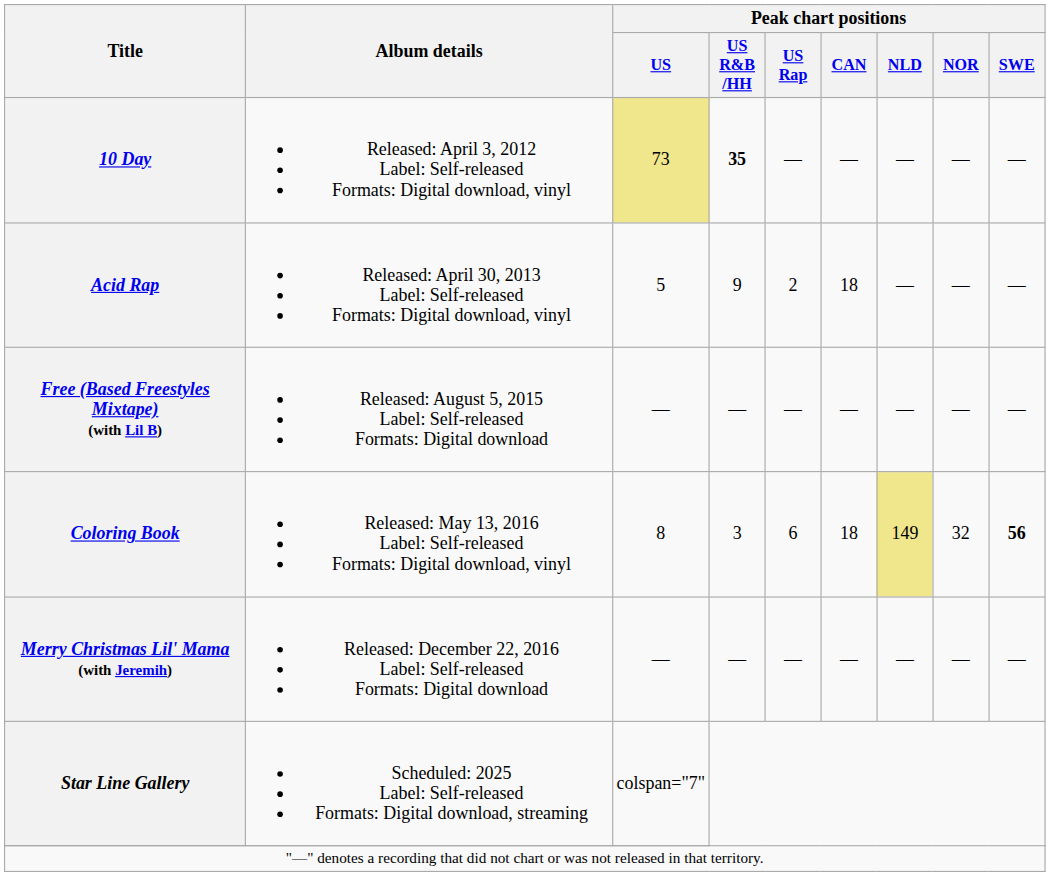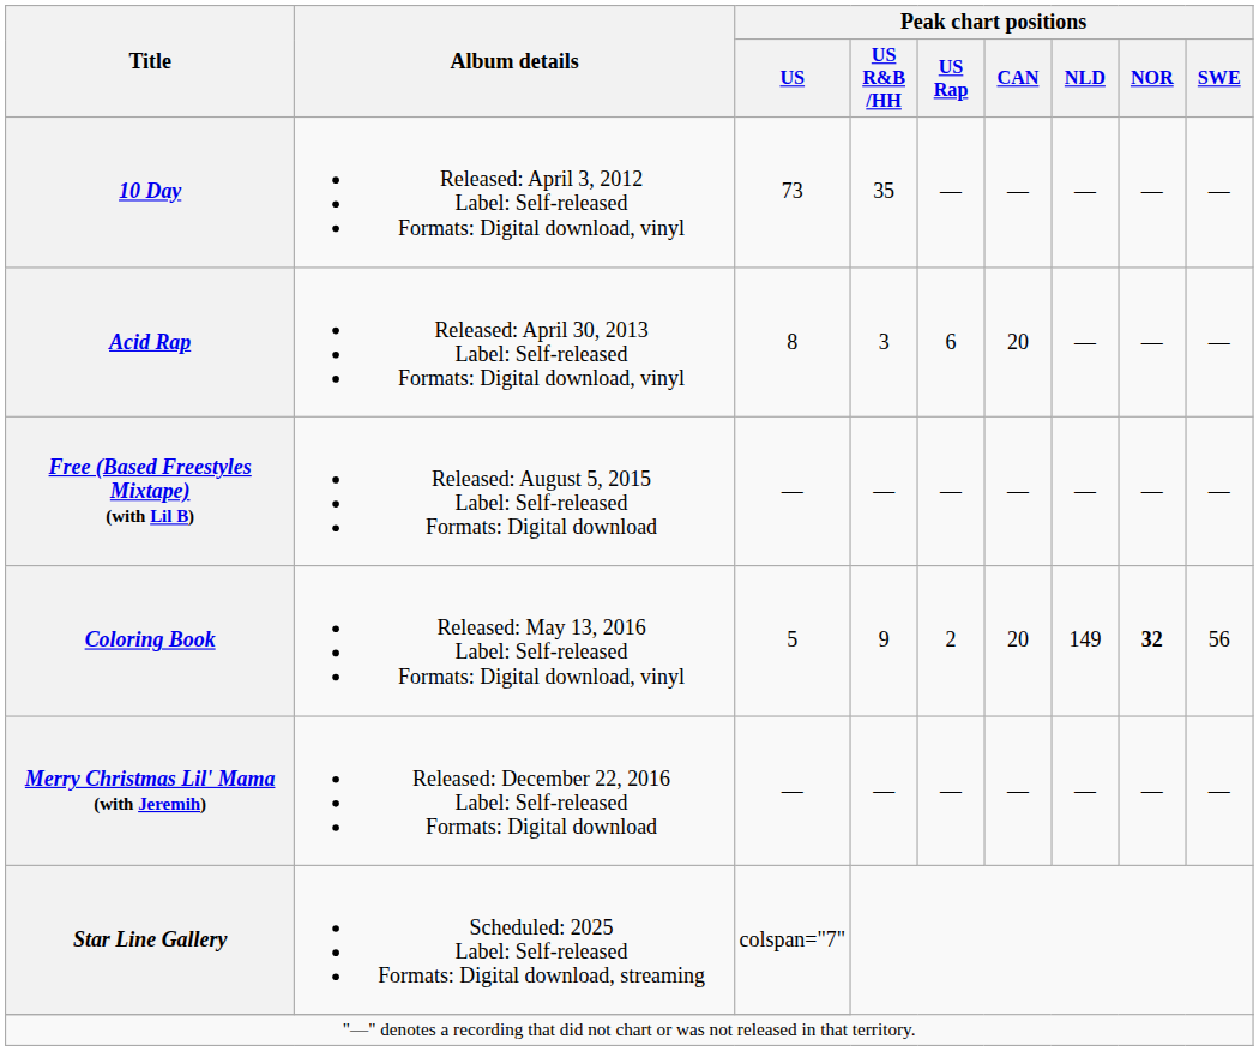 <table class="wikitable plainrowheaders" style="text-align:center;">
 <tr>
 <th scope="col" rowspan="2" style="width:13em;">Title</th>
 <th scope="col" rowspan="2" style="width:20em;">Album details</th>
 <th scope="col" colspan="8">Peak chart positions</th>
 </tr>
 <tr>
 <th scope="col" style="width:3em;font-size:90%;"><a href='#'>US</a><br></th>
 <th scope="col" style="width:3em;font-size:90%;"><a href='#'>US<br>R&B<br>/HH</a><br></th>
 <th scope="col" style="width:3em;font-size:90%;"><a href='#'>US<br>Rap</a><br></th>
 <th scope="col" style="width:3em;font-size:90%;"><a href='#'>CAN</a><br></th>
 <th scope="col" style="width:3em;font-size:90%;"><a href='#'>NLD</a><br></th>
 <th scope="col" style="width:3em;font-size:90%;"><a href='#'>NOR</a><br></th>
 <th scope="col" style="width:3em;font-size:90%;"><a href='#'>SWE</a><br></th>
 </tr>
 <tr>
 <th scope="row"><em><a href='#'>10 Day</a></em></th>
 <td><br><ul><li>Released: April 3, 2012</li><li>Label: Self-released</li><li>Formats: Digital download, vinyl</li></ul></td>
-<td style="background: khaki;">73</td>
-<td><strong>35</strong></td>
+<td>73</td>
+<td>35</td>
 <td>—</td>
 <td>—</td>
 <td>—</td>
 <td>—</td>
 <td>—</td>
 </tr>
 <tr>
 <th scope="row"><em><a href='#'>Acid Rap</a></em></th>
 <td><br><ul><li>Released: April 30, 2013</li><li>Label: Self-released</li><li>Formats: Digital download, vinyl</li></ul></td>
-<td>5</td>
-<td>9</td>
-<td>2</td>
-<td>18</td>
+<td>8</td>
+<td>3</td>
+<td>6</td>
+<td>20</td>
 <td>—</td>
 <td>—</td>
 <td>—</td>
 </tr>
 <tr>
 <th scope="row"><em><a href='#'>Free (Based Freestyles Mixtape)</a></em> <br><small>(with <a href='#'>Lil B</a>)</small></th>
 <td><br><ul><li>Released: August 5, 2015</li><li>Label: Self-released</li><li>Formats: Digital download</li></ul></td>
 <td>—</td>
 <td>—</td>
 <td>—</td>
 <td>—</td>
 <td>—</td>
 <td>—</td>
 <td>—</td>
 </tr>
 <tr>
 <th scope="row"><em><a href='#'>Coloring Book</a></em></th>
 <td><br><ul><li>Released: May 13, 2016</li><li>Label: Self-released</li><li>Formats: Digital download, vinyl</li></ul></td>
-<td>8</td>
-<td>3</td>
-<td>6</td>
-<td>18</td>
-<td style="background: khaki;">149</td>
-<td>32</td>
-<td><strong>56</strong></td>
+<td>5</td>
+<td>9</td>
+<td>2</td>
+<td>20</td>
+<td>149</td>
+<td><strong>32</strong></td>
+<td>56</td>
 </tr>
 <tr>
 <th scope="row"><em><a href='#'>Merry Christmas Lil' Mama</a></em><br><small>(with <a href='#'>Jeremih</a>)</small></th>
 <td><br><ul><li>Released: December 22, 2016</li><li>Label: Self-released</li><li>Formats: Digital download</li></ul></td>
 <td>—</td>
 <td>—</td>
 <td>—</td>
 <td>—</td>
 <td>—</td>
 <td>—</td>
 <td>—</td>
 </tr>
 <tr>
 <th scope="row"><em>Star Line Gallery</em></th>
 <td><br><ul><li>Scheduled: 2025</li><li>Label: Self-released</li><li>Formats: Digital download, streaming</li></ul></td>
 <td>colspan="7" </td>
 </tr>
 <tr>
 </tr>
 <tr>
 <td colspan="18" style="font-size:85%">"—" denotes a recording that did not chart or was not released in that territory.</td>
 </tr>
 </table>
